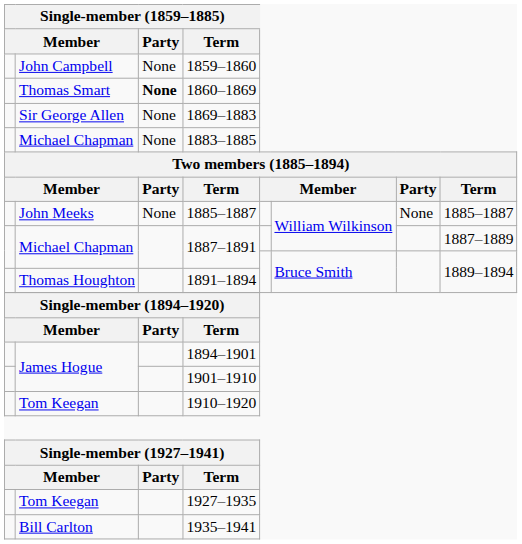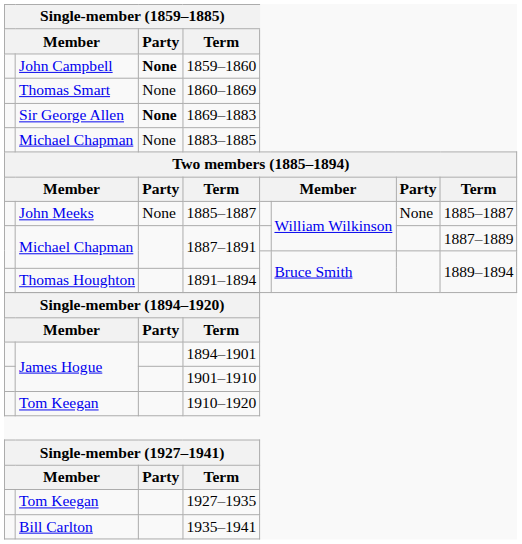 <table class="wikitable" style='border-style: none none none none;'>
 <tr>
 <th colspan=4 style="border-right:0px;";>Single-member (1859–1885)</th>
 </tr>
 <tr>
 <th colspan="2">Member</th>
 <th>Party</th>
 <th>Term</th>
 </tr>
 <tr style="background: #f9f9f9">
 <td> </td>
 <td><a href='#'>John Campbell</a></td>
-<td>None</td>
+<td><strong>None</strong></td>
 <td>1859–1860</td>
 </tr>
 <tr style="background: #f9f9f9">
 <td> </td>
 <td><a href='#'>Thomas Smart</a></td>
-<td><strong>None</strong></td>
+<td>None</td>
 <td>1860–1869</td>
 </tr>
 <tr style="background: #f9f9f9">
 <td> </td>
 <td><a href='#'>Sir George Allen</a></td>
-<td>None</td>
+<td><strong>None</strong></td>
 <td>1869–1883</td>
 </tr>
 <tr style="background: #f9f9f9">
 <td> </td>
 <td><a href='#'>Michael Chapman</a></td>
 <td>None</td>
 <td>1883–1885</td>
 </tr>
 <tr>
 <th colspan="8">Two members (1885–1894)</th>
 </tr>
 <tr>
 <th colspan="2">Member</th>
 <th>Party</th>
 <th>Term</th>
 <th colspan="2">Member</th>
 <th>Party</th>
 <th>Term</th>
 </tr>
 <tr style="background: #f9f9f9">
 <td> </td>
 <td><a href='#'>John Meeks</a></td>
 <td>None</td>
 <td>1885–1887</td>
 <td> </td>
 <td rowspan="2"><a href='#'>William Wilkinson</a></td>
 <td>None</td>
 <td>1885–1887</td>
 </tr>
 <tr style="background: #f9f9f9">
 <td rowspan="2" ><br> </td>
 <td rowspan="2"><a href='#'>Michael Chapman</a></td>
 <td rowspan="2"></td>
 <td rowspan="2">1887–1891</td>
 <td> </td>
 <td></td>
 <td>1887–1889</td>
 </tr>
 <tr style="background: #f9f9f9">
 <td rowspan="2" > </td>
 <td rowspan="2"><a href='#'>Bruce Smith</a></td>
 <td rowspan="2"></td>
 <td rowspan="2">1889–1894</td>
 </tr>
 <tr style="background: #f9f9f9">
 <td> </td>
 <td><a href='#'>Thomas Houghton</a></td>
 <td></td>
 <td>1891–1894</td>
 </tr>
 <tr style="background: #f9f9f9">
 </tr>
 <tr>
 <th colspan="4">Single-member (1894–1920)</th>
 </tr>
 <tr>
 <th colspan="2">Member</th>
 <th>Party</th>
 <th>Term</th>
 </tr>
 <tr style="background: #f9f9f9">
 <td> </td>
 <td rowspan="2"><a href='#'>James Hogue</a></td>
 <td></td>
 <td>1894–1901</td>
 </tr>
 <tr style="background: #f9f9f9">
 <td> </td>
 <td></td>
 <td>1901–1910</td>
 </tr>
 <tr style="background: #f9f9f9">
 <td> </td>
 <td><a href='#'>Tom Keegan</a></td>
 <td></td>
 <td>1910–1920</td>
 </tr>
 <tr>
 <td colspan="4" style='border-style: none none none none;'> </td>
 </tr>
 <tr>
 <th colspan="4">Single-member (1927–1941)</th>
 </tr>
 <tr>
 <th colspan="2">Member</th>
 <th>Party</th>
 <th>Term</th>
 </tr>
 <tr style="background: #f9f9f9">
 <td> </td>
 <td><a href='#'>Tom Keegan</a></td>
 <td></td>
 <td>1927–1935</td>
 </tr>
 <tr style="background: #f9f9f9">
 <td> </td>
 <td><a href='#'>Bill Carlton</a></td>
 <td></td>
 <td>1935–1941</td>
 </tr>
 </table>
